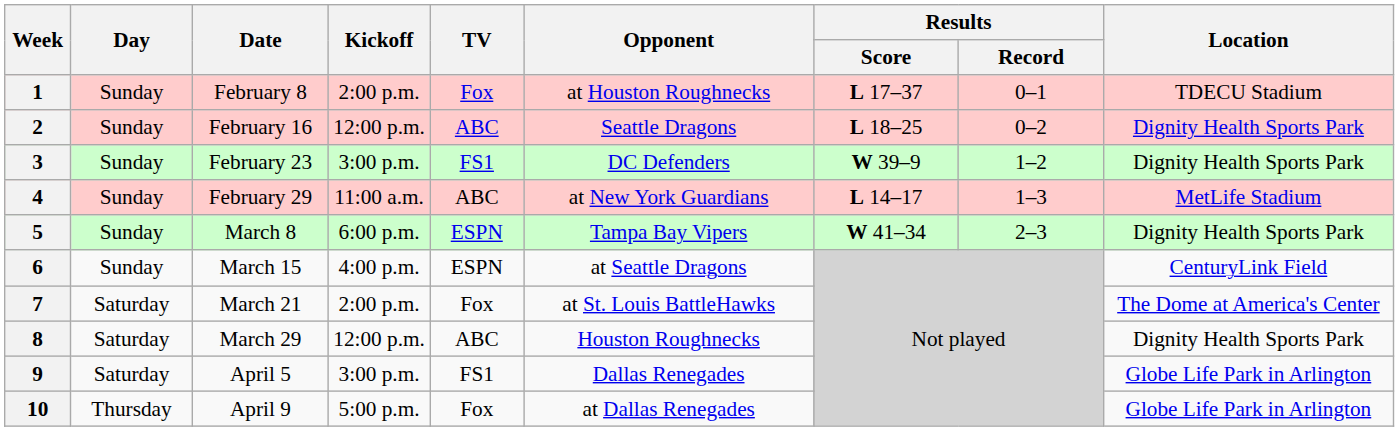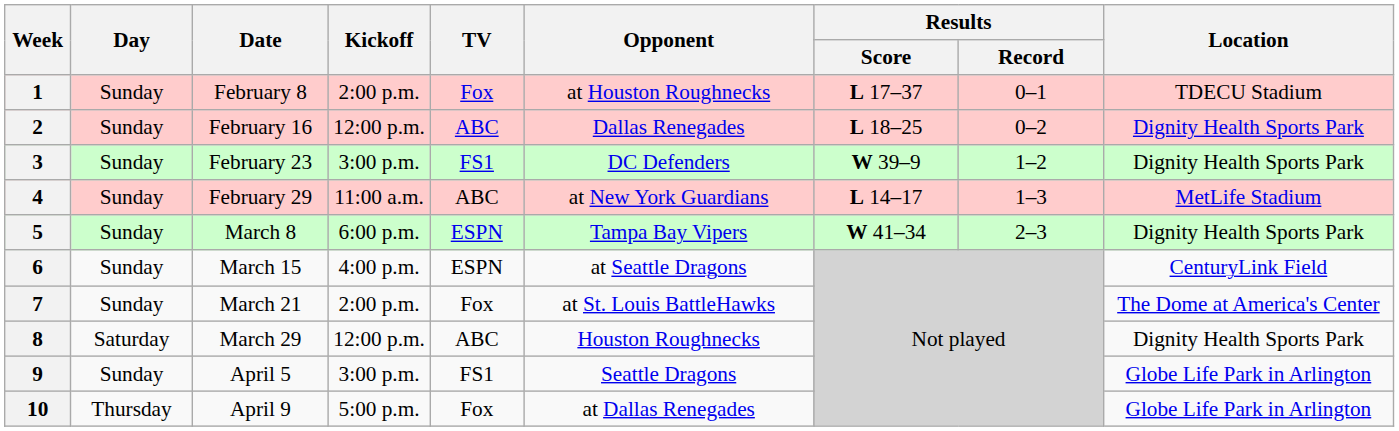 <table class="wikitable" style="text-align:center; font-size: 95%;">
 <tr>
 <th rowspan="2" width="40">Week</th>
 <th rowspan="2" width="80">Day</th>
 <th rowspan="2" width="90">Date</th>
 <th rowspan="2" width="60">Kickoff</th>
 <th rowspan="2" width="60">TV</th>
 <th rowspan="2" width="200">Opponent</th>
 <th colspan="2" width="200">Results</th>
 <th rowspan="2" width="200">Location</th>
 </tr>
 <tr>
 <th width="60">Score</th>
 <th width="60">Record</th>
 </tr>
 <tr bgcolor=#ffcccc>
 <th>1</th>
 <td>Sunday</td>
 <td>February 8</td>
 <td>2:00 p.m.</td>
 <td><a href='#'>Fox</a></td>
 <td>at <a href='#'>Houston Roughnecks</a></td>
 <td><strong>L</strong> 17–37</td>
 <td>0–1</td>
 <td>TDECU Stadium</td>
 </tr>
 <tr bgcolor=#ffcccc>
 <th>2</th>
 <td>Sunday</td>
 <td>February 16</td>
 <td>12:00 p.m.</td>
 <td><a href='#'>ABC</a></td>
-<td><a href='#'>Seattle Dragons</a></td>
+<td><a href='#'>Dallas Renegades</a></td>
 <td><strong>L</strong> 18–25</td>
 <td>0–2</td>
 <td><a href='#'>Dignity Health Sports Park</a></td>
 </tr>
 <tr bgcolor=#ccffcc>
 <th>3</th>
 <td>Sunday</td>
 <td>February 23</td>
 <td>3:00 p.m.</td>
 <td><a href='#'>FS1</a></td>
 <td><a href='#'>DC Defenders</a></td>
 <td><strong>W</strong> 39–9</td>
 <td>1–2</td>
 <td>Dignity Health Sports Park</td>
 </tr>
 <tr bgcolor=#ffcccc>
 <th>4</th>
 <td>Sunday</td>
 <td>February 29</td>
 <td>11:00 a.m.</td>
 <td>ABC</td>
 <td>at <a href='#'>New York Guardians</a></td>
 <td><strong>L</strong> 14–17</td>
 <td>1–3</td>
 <td><a href='#'>MetLife Stadium</a></td>
 </tr>
 <tr bgcolor=#ccffcc>
 <th>5</th>
 <td>Sunday</td>
 <td>March 8</td>
 <td>6:00 p.m.</td>
 <td><a href='#'>ESPN</a></td>
 <td><a href='#'>Tampa Bay Vipers</a></td>
 <td><strong>W</strong> 41–34</td>
 <td>2–3</td>
 <td>Dignity Health Sports Park</td>
 </tr>
 <tr bgcolor=>
 <th>6</th>
 <td>Sunday</td>
 <td>March 15</td>
 <td>4:00 p.m.</td>
 <td>ESPN</td>
 <td>at <a href='#'>Seattle Dragons</a></td>
 <td colspan=2 rowspan=5 bgcolor=lightgrey>Not played</td>
 <td><a href='#'>CenturyLink Field</a></td>
 </tr>
 <tr bgcolor=>
 <th>7</th>
-<td>Saturday</td>
+<td>Sunday</td>
 <td>March 21</td>
 <td>2:00 p.m.</td>
 <td>Fox</td>
 <td>at <a href='#'>St. Louis BattleHawks</a></td>
 <td><a href='#'>The Dome at America's Center</a></td>
 </tr>
 <tr bgcolor=>
 <th>8</th>
 <td>Saturday</td>
 <td>March 29</td>
 <td>12:00 p.m.</td>
 <td>ABC</td>
 <td><a href='#'>Houston Roughnecks</a></td>
 <td>Dignity Health Sports Park</td>
 </tr>
 <tr bgcolor=>
 <th>9</th>
-<td>Saturday</td>
+<td>Sunday</td>
 <td>April 5</td>
 <td>3:00 p.m.</td>
 <td>FS1</td>
-<td><a href='#'>Dallas Renegades</a></td>
+<td><a href='#'>Seattle Dragons</a></td>
 <td><a href='#'>Globe Life Park in Arlington</a></td>
 </tr>
 <tr bgcolor=>
 <th>10</th>
 <td>Thursday</td>
 <td>April 9</td>
 <td>5:00 p.m.</td>
 <td>Fox</td>
 <td>at <a href='#'>Dallas Renegades</a></td>
 <td><a href='#'>Globe Life Park in Arlington</a></td>
 </tr>
 </table>
